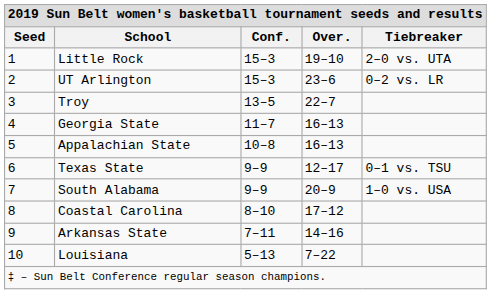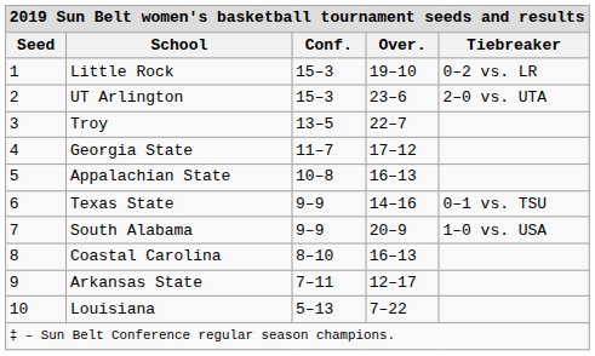 <table class="wikitable" style="white-space:nowrap; font-size:90%;">
 <tr>
 <td colspan="6" style="text-align:center; background:#DDDDDD; font:#000000"><strong>2019 Sun Belt women's basketball tournament seeds and results</strong></td>
 </tr>
 <tr bgcolor="#efefef">
 <th>Seed</th>
 <th>School</th>
 <th>Conf.</th>
 <th>Over.</th>
 <th>Tiebreaker</th>
 </tr>
 <tr>
 <td>1</td>
 <td>Little Rock</td>
 <td>15–3</td>
 <td>19–10</td>
-<td>2–0 vs. UTA</td>
+<td>0–2 vs. LR</td>
 </tr>
 <tr>
 <td>2</td>
 <td>UT Arlington</td>
 <td>15–3</td>
 <td>23–6</td>
-<td>0–2 vs. LR</td>
+<td>2–0 vs. UTA</td>
 </tr>
 <tr>
 <td>3</td>
 <td>Troy</td>
 <td>13–5</td>
 <td>22–7</td>
 <td></td>
 </tr>
 <tr>
 <td>4</td>
 <td>Georgia State</td>
 <td>11–7</td>
-<td>16–13</td>
+<td>17–12</td>
 <td></td>
 </tr>
 <tr>
 <td>5</td>
 <td>Appalachian State</td>
 <td>10–8</td>
 <td>16–13</td>
 <td></td>
 </tr>
 <tr>
 <td>6</td>
 <td>Texas State</td>
 <td>9–9</td>
-<td>12–17</td>
+<td>14–16</td>
 <td>0–1 vs. TSU</td>
 </tr>
 <tr>
 <td>7</td>
 <td>South Alabama</td>
 <td>9–9</td>
 <td>20–9</td>
 <td>1–0 vs. USA</td>
 </tr>
 <tr>
 <td>8</td>
 <td>Coastal Carolina</td>
 <td>8–10</td>
-<td>17–12</td>
+<td>16–13</td>
 <td></td>
 </tr>
 <tr>
 <td>9</td>
 <td>Arkansas State</td>
 <td>7–11</td>
-<td>14–16</td>
+<td>12–17</td>
 <td></td>
 </tr>
 <tr>
 <td>10</td>
 <td>Louisiana</td>
 <td>5–13</td>
 <td>7–22</td>
 <td></td>
 </tr>
 <tr>
 <td colspan="6" style="text-align:left;"><small>‡ – Sun Belt Conference regular season champions.</small></td>
 </tr>
 </table>
